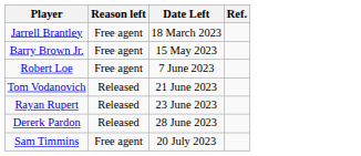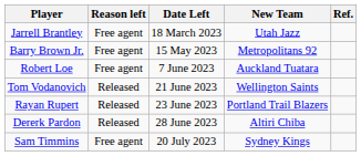 <table class="wikitable sortable sortable" style="text-align: center">
 <tr>
 <th>Player</th>
 <th>Reason left</th>
 <th>Date Left</th>
+<th>New Team</th>
 <th>Ref.</th>
 </tr>
 <tr>
 <td><a href='#'>Jarrell Brantley</a></td>
 <td>Free agent</td>
 <td>18 March 2023</td>
+<td><a href='#'>Utah Jazz</a></td>
 <td></td>
 </tr>
 <tr>
 <td><a href='#'>Barry Brown Jr.</a></td>
 <td>Free agent</td>
 <td>15 May 2023</td>
+<td><a href='#'>Metropolitans 92</a></td>
 <td></td>
 </tr>
 <tr>
 <td><a href='#'>Robert Loe</a></td>
 <td>Free agent</td>
 <td>7 June 2023</td>
+<td><a href='#'>Auckland Tuatara</a></td>
 <td></td>
 </tr>
 <tr>
 <td><a href='#'>Tom Vodanovich</a></td>
 <td>Released</td>
 <td>21 June 2023</td>
+<td><a href='#'>Wellington Saints</a></td>
 <td></td>
 </tr>
 <tr>
 <td><a href='#'>Rayan Rupert</a></td>
 <td>Released</td>
 <td>23 June 2023</td>
+<td><a href='#'>Portland Trail Blazers</a></td>
 <td></td>
 </tr>
 <tr>
 <td><a href='#'>Dererk Pardon</a></td>
 <td>Released</td>
 <td>28 June 2023</td>
+<td><a href='#'>Altiri Chiba</a></td>
 <td></td>
 </tr>
 <tr>
 <td><a href='#'>Sam Timmins</a></td>
 <td>Free agent</td>
 <td>20 July 2023</td>
+<td><a href='#'>Sydney Kings</a></td>
 <td></td>
 </tr>
 </table>
